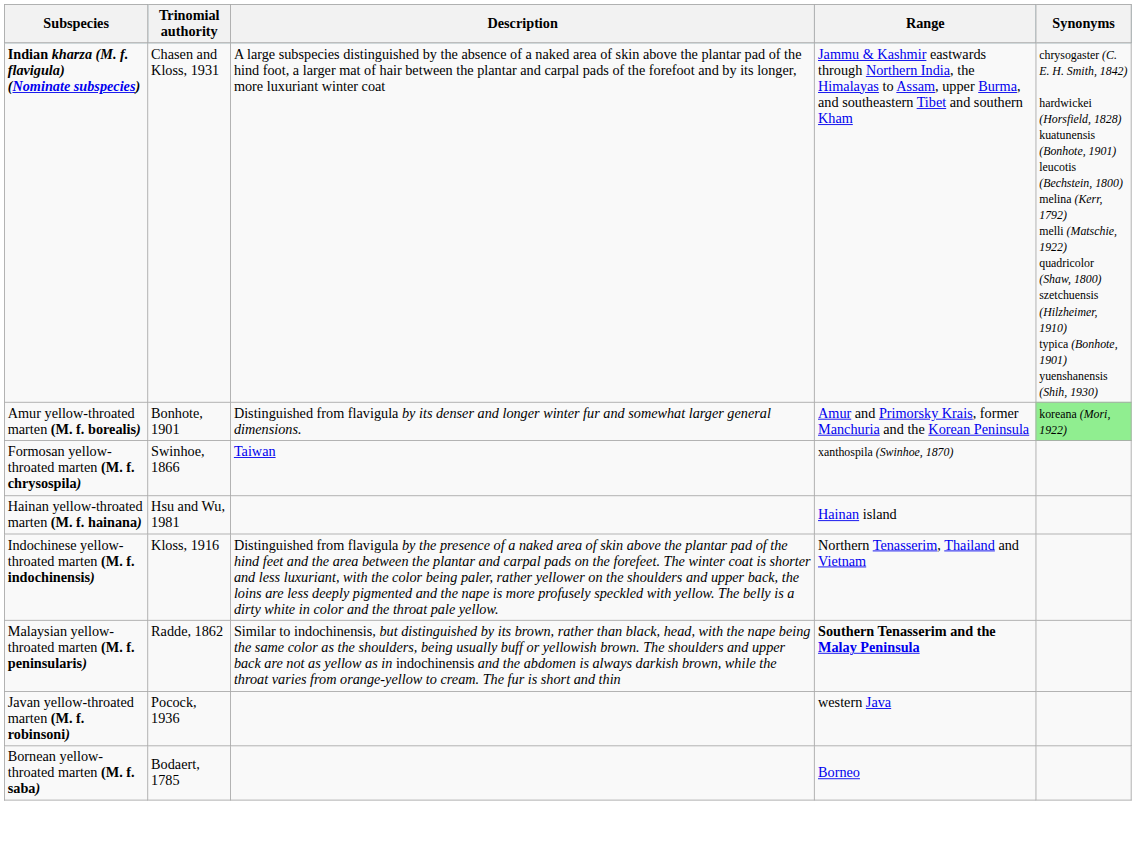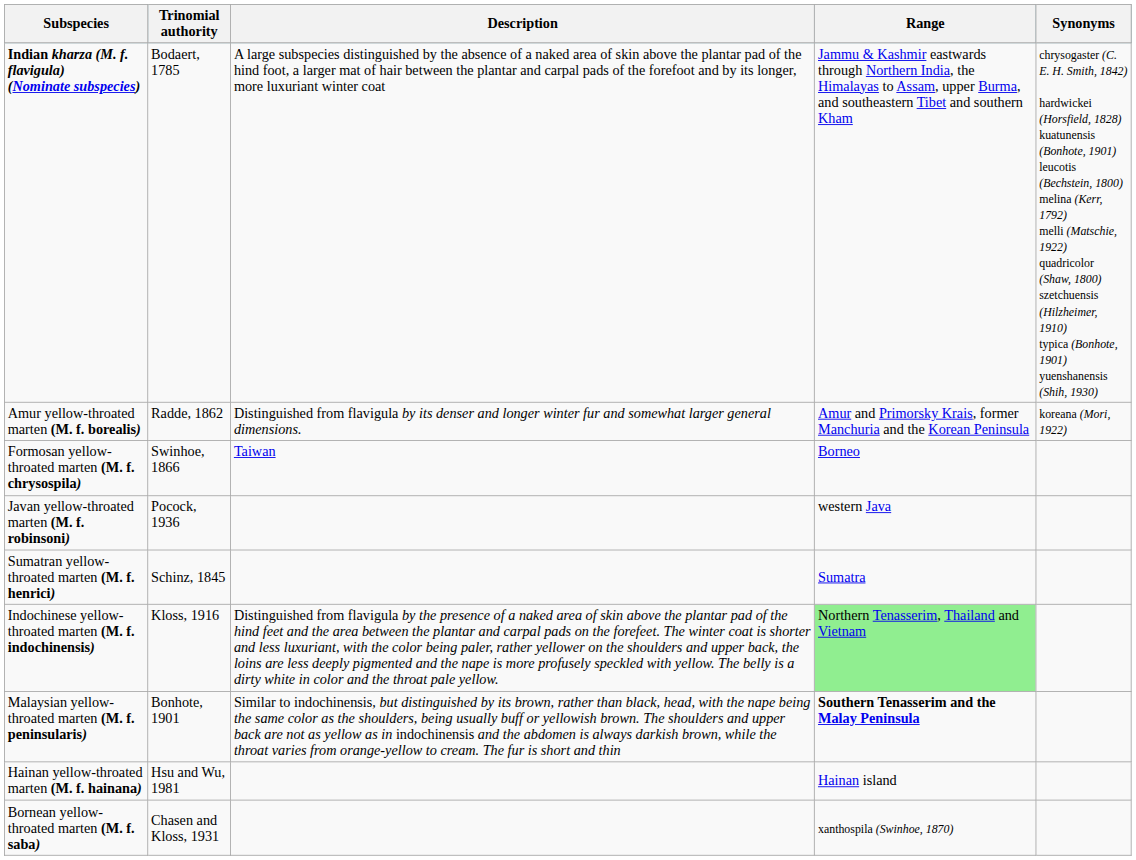 <table class="wikitable collapsible collapsed" width=80% font=90%>
 <tr style="background: #115a6c">
 <th>Subspecies</th>
 <th>Trinomial authority</th>
 <th>Description</th>
 <th>Range</th>
 <th>Synonyms</th>
 </tr>
 <tr style="vertical-align: top;">
 <td><strong>Indian <em>kharza<strong><em> (</em>M. f. flavigula<em>)<br>(<a href='#'>Nominate subspecies</a>) </td>
-<td>Chasen and Kloss, 1931</td>
+<td>Bodaert, 1785</td>
 <td>A large subspecies distinguished by the absence of a naked area of skin above the plantar pad of the hind foot, a larger mat of hair between the plantar and carpal pads of the forefoot and by its longer, more luxuriant winter coat</td>
 <td><a href='#'>Jammu & Kashmir</a> eastwards through <a href='#'>Northern India</a>, the <a href='#'>Himalayas</a> to <a href='#'>Assam</a>, upper <a href='#'>Burma</a>, and southeastern <a href='#'>Tibet</a> and southern <a href='#'>Kham</a></td>
 <td><small></em>chrysogaster<em> (C. E. H. Smith, 1842)</small><br><br><small></em>hardwickei<em> (Horsfield, 1828)</small><br> <small></em>kuatunensis<em> (Bonhote, 1901)</small><br> <small></em>leucotis<em> (Bechstein, 1800)</small><br> <small></em>melina<em> (Kerr, 1792)</small><br> <small></em>melli<em> (Matschie, 1922)</small><br> <small></em>quadricolor<em> (Shaw, 1800)</small><br> <small></em>szetchuensis<em> (Hilzheimer, 1910)</small><br> <small></em>typica<em> (Bonhote, 1901)</small><br> <small></em>yuenshanensis<em> (Shih, 1930)</small></td>
 </tr>
 <tr style="vertical-align: top;">
 <td></strong>Amur yellow-throated marten<strong> (</em>M. f. borealis<em>)</td>
-<td>Bonhote, 1901</td>
+<td>Radde, 1862</td>
 <td>Distinguished from </em>flavigula<em> by its denser and longer winter fur and somewhat larger general dimensions.</td>
 <td><a href='#'>Amur</a> and <a href='#'>Primorsky Krais</a>, former <a href='#'>Manchuria</a> and the <a href='#'>Korean Peninsula</a></td>
-<td style="background: lightgreen;"><small></em>koreana<em> (Mori, 1922)</small></td>
+<td><small></em>koreana<em> (Mori, 1922)</small></td>
 </tr>
 <tr style="vertical-align: top;">
 <td></strong>Formosan yellow-throated marten<strong> (</em>M. f. chrysospila<em>)<br></td>
 <td>Swinhoe, 1866</td>
 <td><a href='#'>Taiwan</a></td>
-<td><small></em>xanthospila<em> (Swinhoe, 1870)</small></td>
-</tr>
-<tr --->
-<td></strong>Hainan yellow-throated marten<strong> (</em>M. f. hainana<em>)</td>
-<td>Hsu and Wu, 1981</td>
-<td></td>
-<td><a href='#'>Hainan</a> island</td>
-<td></td>
-</tr>
-<tr style="vertical-align: top;">
-<td></strong>Indochinese yellow-throated marten<strong> (</em>M. f. indochinensis<em>)<br></td>
-<td>Kloss, 1916</td>
-<td>Distinguished from </em>flavigula<em> by the presence of a naked area of skin above the plantar pad of the hind feet and the area between the plantar and carpal pads on the forefeet. The winter coat is shorter and less luxuriant, with the color being paler, rather yellower on the shoulders and upper back, the loins are less deeply pigmented and the nape is more profusely speckled with yellow. The belly is a dirty white in color and the throat pale yellow.</td>
-<td>Northern <a href='#'>Tenasserim</a>, <a href='#'>Thailand</a> and <a href='#'>Vietnam</a></td>
-<td></td>
-</tr>
-<tr style="vertical-align: top;">
-<td></strong>Malaysian yellow-throated marten<strong> (</em>M. f. peninsularis<em>)</td>
-<td>Radde, 1862</td>
-<td>Similar to </em>indochinensis<em>, but distinguished by its brown, rather than black, head, with the nape being the same color as the shoulders, being usually buff or yellowish brown. The shoulders and upper back are not as yellow as in </em>indochinensis<em> and the abdomen is always darkish brown, while the throat varies from orange-yellow to cream. The fur is short and thin</td>
-<td><strong>Southern Tenasserim and the <a href='#'>Malay Peninsula</a></strong></td>
-<td></td>
+<td><a href='#'>Borneo</a></td>
 </tr>
 <tr style="vertical-align: top;">
 <td></strong>Javan yellow-throated marten<strong> (</em>M. f. robinsoni<em>)</td>
 <td>Pocock, 1936</td>
 <td></td>
 <td>western <a href='#'>Java</a></td>
 <td></td>
 </tr>
 <tr --->
+<td></strong>Sumatran yellow-throated marten<strong> (</em>M. f. henrici<em>)</td>
+<td>Schinz, 1845</td>
+<td></td>
+<td><a href='#'>Sumatra</a></td>
+<td></td>
+</tr>
+<tr style="vertical-align: top;">
+<td></strong>Indochinese yellow-throated marten<strong> (</em>M. f. indochinensis<em>)<br></td>
+<td>Kloss, 1916</td>
+<td>Distinguished from </em>flavigula<em> by the presence of a naked area of skin above the plantar pad of the hind feet and the area between the plantar and carpal pads on the forefeet. The winter coat is shorter and less luxuriant, with the color being paler, rather yellower on the shoulders and upper back, the loins are less deeply pigmented and the nape is more profusely speckled with yellow. The belly is a dirty white in color and the throat pale yellow.</td>
+<td style="background: lightgreen;">Northern <a href='#'>Tenasserim</a>, <a href='#'>Thailand</a> and <a href='#'>Vietnam</a></td>
+<td></td>
+</tr>
+<tr style="vertical-align: top;">
+<td></strong>Malaysian yellow-throated marten<strong> (</em>M. f. peninsularis<em>)</td>
+<td>Bonhote, 1901</td>
+<td>Similar to </em>indochinensis<em>, but distinguished by its brown, rather than black, head, with the nape being the same color as the shoulders, being usually buff or yellowish brown. The shoulders and upper back are not as yellow as in </em>indochinensis<em> and the abdomen is always darkish brown, while the throat varies from orange-yellow to cream. The fur is short and thin</td>
+<td><strong>Southern Tenasserim and the <a href='#'>Malay Peninsula</a></strong></td>
+<td></td>
+</tr>
+<tr --->
+<td></strong>Hainan yellow-throated marten<strong> (</em>M. f. hainana<em>)</td>
+<td>Hsu and Wu, 1981</td>
+<td></td>
+<td><a href='#'>Hainan</a> island</td>
+<td></td>
+</tr>
+<tr --->
 <td></strong>Bornean yellow-throated marten<strong> (</em>M. f. saba<em>)<br></td>
-<td>Bodaert, 1785</td>
+<td>Chasen and Kloss, 1931</td>
 <td></td>
-<td><a href='#'>Borneo</a></td>
+<td><small></em>xanthospila<em> (Swinhoe, 1870)</small></td>
 <td></td>
 </tr>
 </table>
